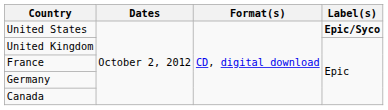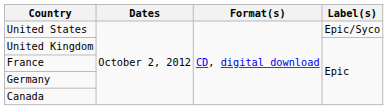 <table class="wikitable plainrowheaders">
 <tr>
 <th scope="col">Country</th>
 <th scope="col">Dates</th>
 <th scope="col">Format(s)</th>
 <th scope="col">Label(s)</th>
 </tr>
 <tr>
 <td>United States</td>
 <td rowspan="5">October 2, 2012</td>
 <td rowspan="5"><a href='#'>CD</a>, <a href='#'>digital download</a></td>
-<td><strong>Epic/Syco</strong></td>
+<td>Epic/Syco</td>
 </tr>
 <tr>
 <td>United Kingdom</td>
 <td rowspan="4">Epic</td>
 </tr>
 <tr>
 <td>France</td>
 </tr>
 <tr>
 <td>Germany</td>
 </tr>
 <tr>
 <td>Canada</td>
 </tr>
 </table>
